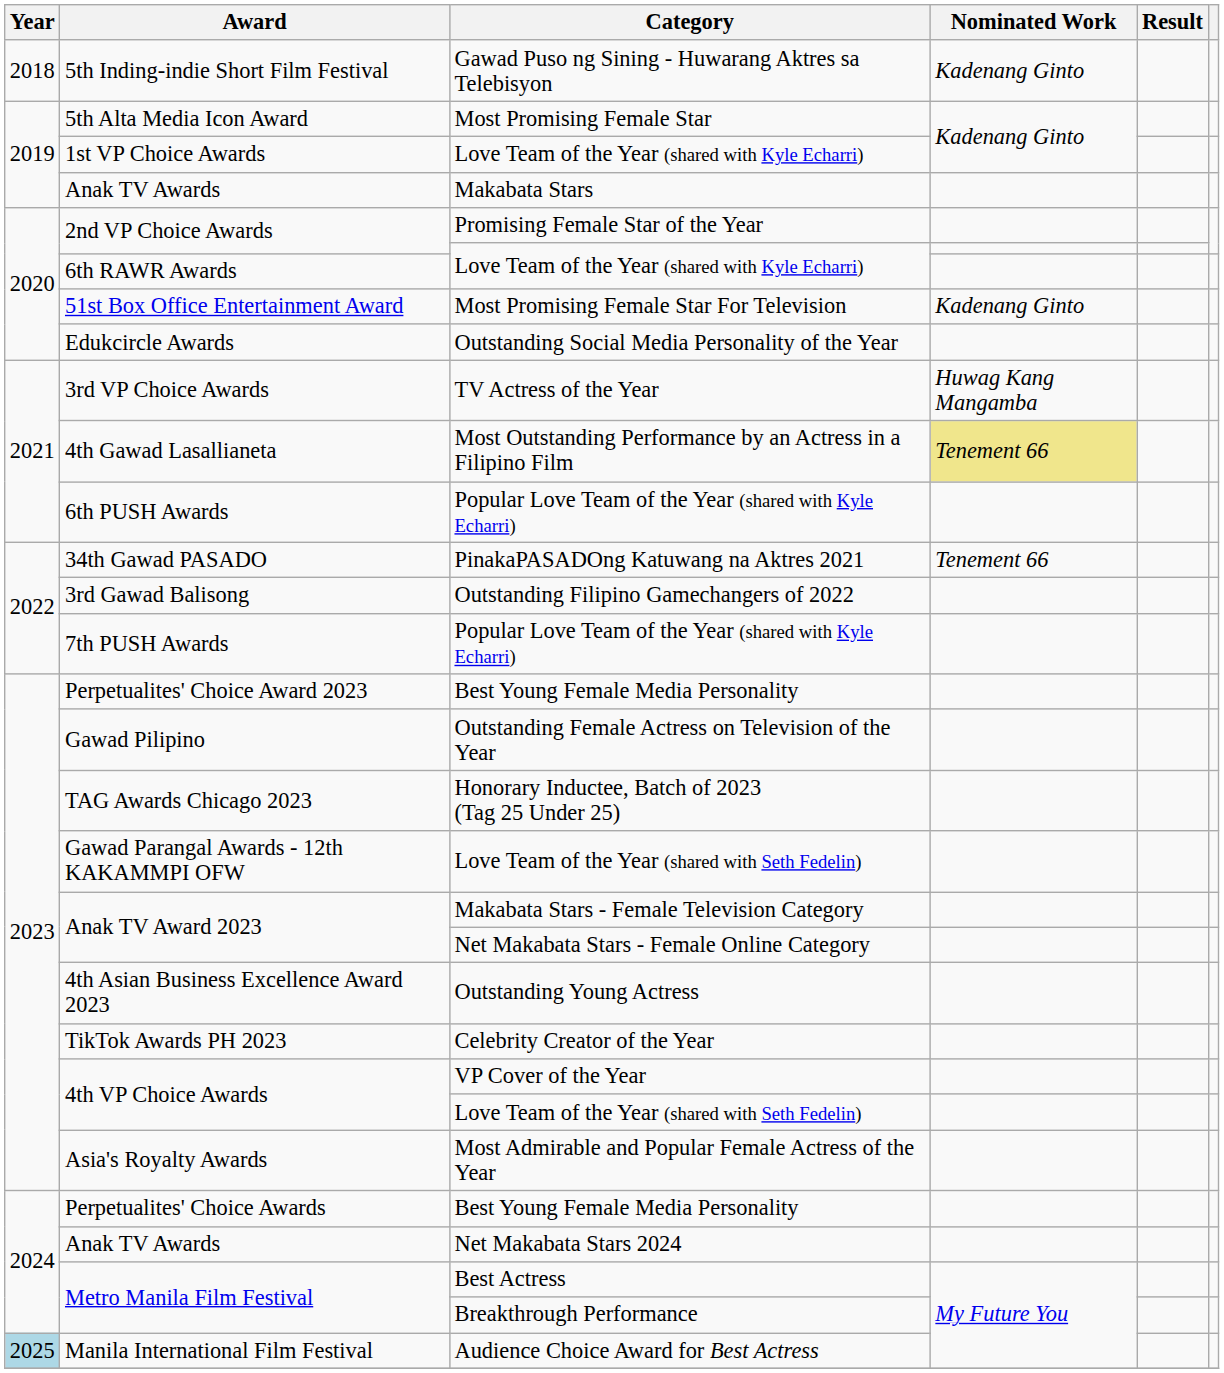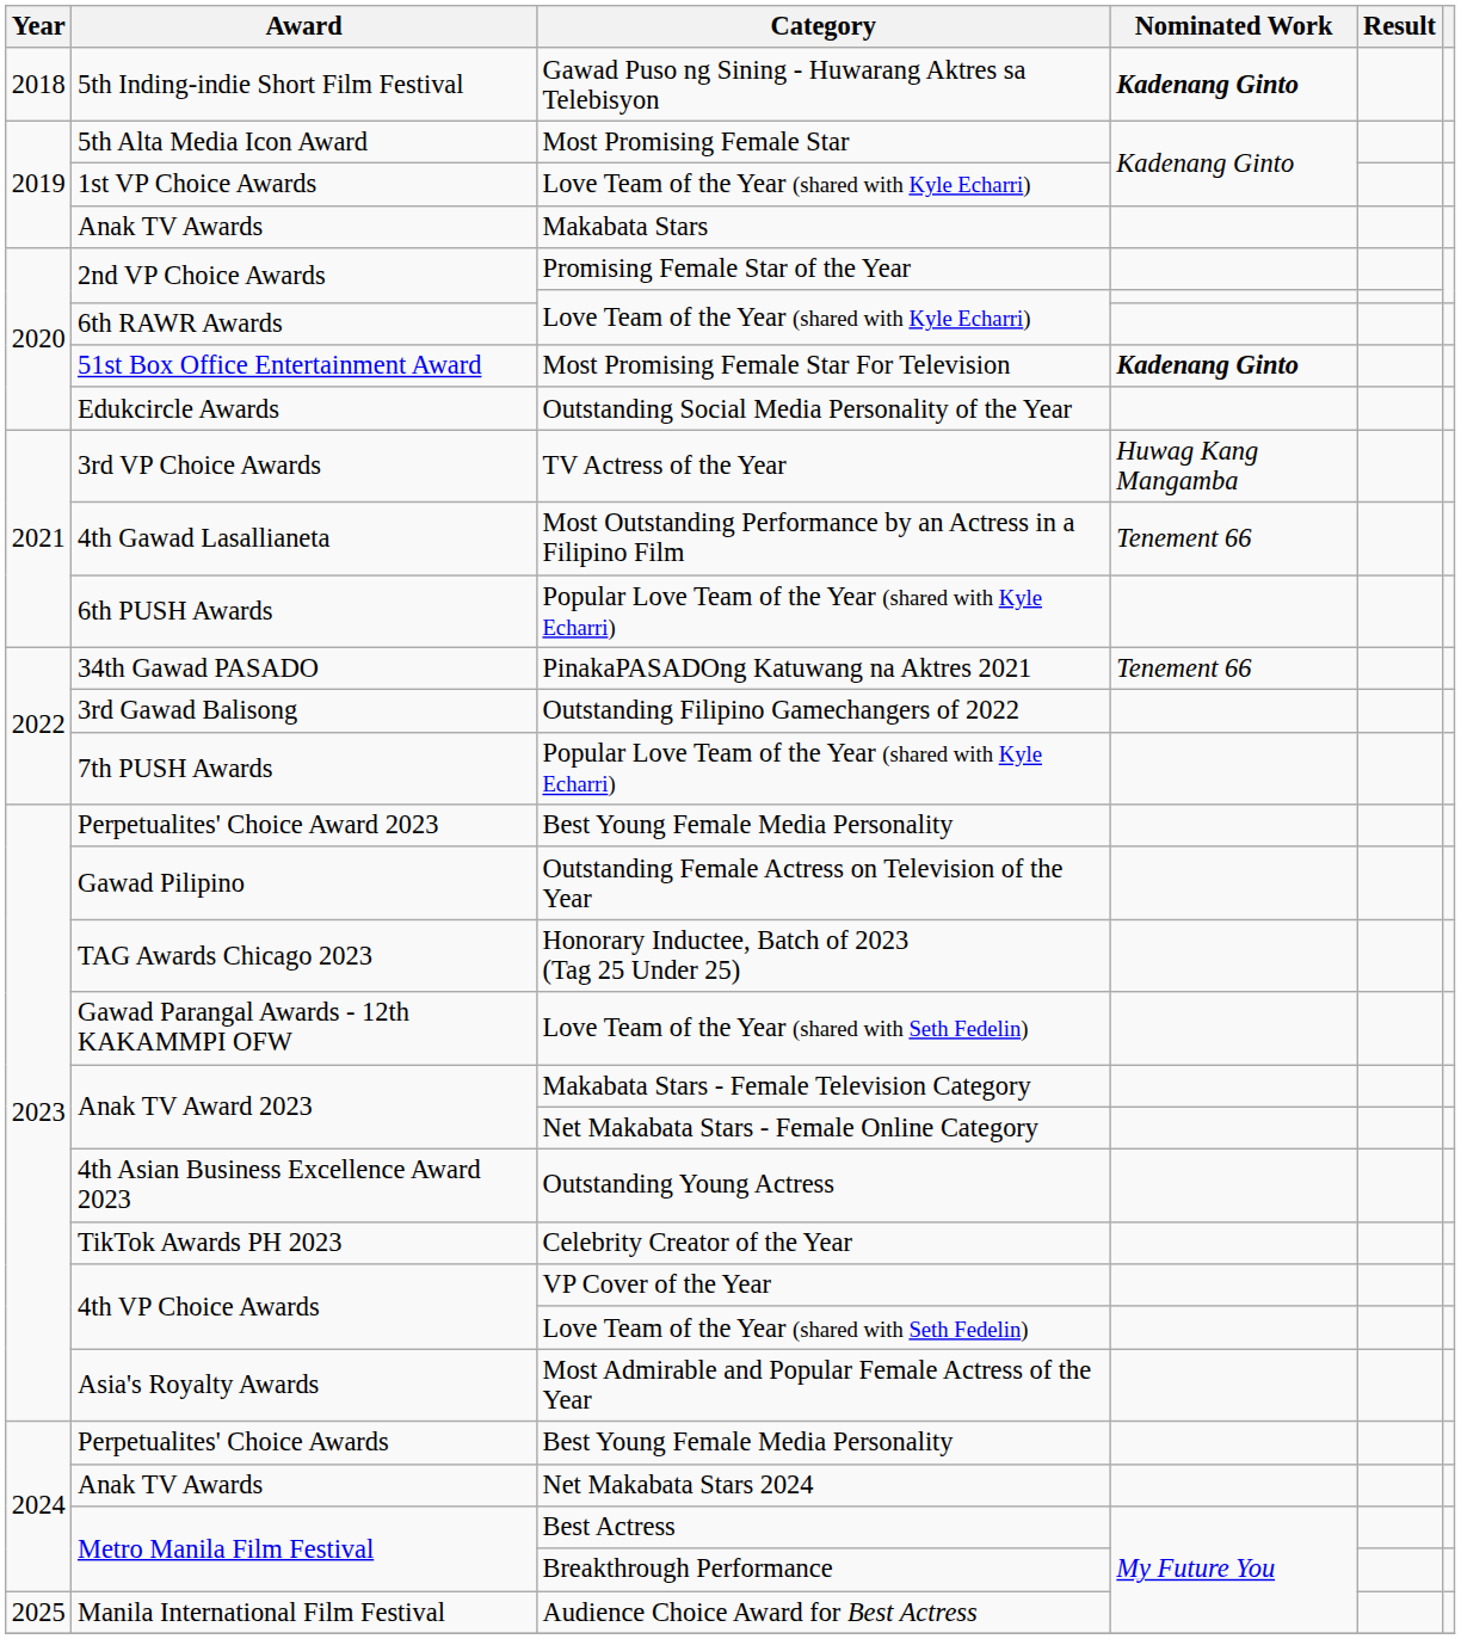 <table class="wikitable sortable">
 <tr>
 <th>Year</th>
 <th>Award</th>
 <th>Category</th>
 <th>Nominated Work</th>
 <th>Result</th>
 <th></th>
 </tr>
 <tr>
 <td>2018</td>
 <td>5th Inding-indie Short Film Festival</td>
 <td>Gawad Puso ng Sining - Huwarang Aktres sa Telebisyon</td>
-<td><em>Kadenang Ginto</em></td>
+<td><strong><em>Kadenang Ginto</em></strong></td>
 <td></td>
 <td style="text-align:center;"></td>
 </tr>
 <tr>
 <td rowspan="3">2019</td>
 <td>5th Alta Media Icon Award</td>
 <td>Most Promising Female Star</td>
 <td rowspan="2"><em>Kadenang Ginto</em></td>
 <td></td>
 <td style="text-align:center;"></td>
 </tr>
 <tr>
 <td>1st VP Choice Awards</td>
 <td>Love Team of the Year <small>(shared with <a href='#'>Kyle Echarri</a>)</small></td>
 <td></td>
 <td style="text-align:center;"></td>
 </tr>
 <tr>
 <td>Anak TV Awards</td>
 <td>Makabata Stars</td>
 <td></td>
 <td></td>
 <td style="text-align:center;"></td>
 </tr>
 <tr>
 <td rowspan="5">2020</td>
 <td rowspan="2">2nd VP Choice Awards</td>
 <td>Promising Female Star of the Year</td>
 <td></td>
 <td></td>
 <td rowspan="2" style="text-align:center;"></td>
 </tr>
 <tr>
 <td rowspan="2">Love Team of the Year <small>(shared with <a href='#'>Kyle Echarri</a>)</small></td>
 <td></td>
 <td></td>
 </tr>
 <tr>
 <td>6th RAWR Awards</td>
 <td></td>
 <td></td>
 <td style="text-align:center;"></td>
 </tr>
 <tr>
 <td><a href='#'>51st Box Office Entertainment Award</a></td>
 <td>Most Promising Female Star For Television</td>
-<td><em>Kadenang Ginto</em></td>
+<td><strong><em>Kadenang Ginto</em></strong></td>
 <td></td>
 <td style="text-align:center;"></td>
 </tr>
 <tr>
 <td>Edukcircle Awards</td>
 <td>Outstanding Social Media Personality of the Year</td>
 <td></td>
 <td></td>
 <td style="text-align:center;"></td>
 </tr>
 <tr>
 <td rowspan="3">2021</td>
 <td>3rd VP Choice Awards</td>
 <td>TV Actress of the Year</td>
 <td><em>Huwag Kang Mangamba</em></td>
 <td></td>
 <td style="text-align:center;"></td>
 </tr>
 <tr>
 <td>4th Gawad Lasallianeta</td>
 <td>Most Outstanding Performance by an Actress in a Filipino Film</td>
-<td style="background: khaki;"><em>Tenement 66</em></td>
+<td><em>Tenement 66</em></td>
 <td></td>
 <td style="text-align:center;"></td>
 </tr>
 <tr>
 <td>6th PUSH Awards</td>
 <td>Popular Love Team of the Year <small>(shared with <a href='#'>Kyle Echarri</a>)</small></td>
 <td></td>
 <td></td>
 <td style="text-align:center;"></td>
 </tr>
 <tr>
 <td rowspan="3">2022</td>
 <td>34th Gawad PASADO</td>
 <td>PinakaPASADOng Katuwang na Aktres 2021</td>
 <td><em>Tenement 66</em></td>
 <td></td>
 <td style="text-align:center;"></td>
 </tr>
 <tr>
 <td>3rd Gawad Balisong</td>
 <td>Outstanding Filipino Gamechangers of 2022</td>
 <td></td>
 <td></td>
 <td style="text-align:center;"></td>
 </tr>
 <tr>
 <td>7th PUSH Awards</td>
 <td>Popular Love Team of the Year <small>(shared with <a href='#'>Kyle Echarri</a>)</small></td>
 <td></td>
 <td></td>
 <td style="text-align:center;"></td>
 </tr>
 <tr>
 <td rowspan="11">2023</td>
 <td>Perpetualites' Choice Award 2023</td>
 <td>Best Young Female Media Personality</td>
 <td></td>
 <td></td>
 <td style="text-align:center;"></td>
 </tr>
 <tr>
 <td>Gawad Pilipino</td>
 <td>Outstanding Female Actress on Television of the Year</td>
 <td></td>
 <td></td>
 <td style="text-align:center;"></td>
 </tr>
 <tr>
 <td>TAG Awards Chicago 2023</td>
 <td>Honorary Inductee, Batch of 2023 <br> (Tag 25 Under 25)</td>
 <td></td>
 <td></td>
 <td style="text-align:center;"></td>
 </tr>
 <tr>
 <td>Gawad Parangal Awards - 12th KAKAMMPI OFW</td>
 <td>Love Team of the Year <small>(shared with <a href='#'>Seth Fedelin</a>)</small></td>
 <td></td>
 <td></td>
 <td style="text-align:center;"></td>
 </tr>
 <tr>
 <td rowspan="2">Anak TV Award 2023</td>
 <td>Makabata Stars - Female Television Category</td>
 <td></td>
 <td></td>
 <td style="text-align:center;"></td>
 </tr>
 <tr>
 <td>Net Makabata Stars - Female Online Category</td>
 <td></td>
 <td></td>
 <td style="text-align:center;"></td>
 </tr>
 <tr>
 <td>4th Asian Business Excellence Award 2023</td>
 <td>Outstanding Young Actress</td>
 <td></td>
 <td></td>
 <td style="text-align:center;"></td>
 </tr>
 <tr>
 <td>TikTok Awards PH 2023</td>
 <td>Celebrity Creator of the Year</td>
 <td></td>
 <td></td>
 <td style="text-align:center;"></td>
 </tr>
 <tr>
 <td rowspan="2">4th VP Choice Awards</td>
 <td>VP Cover of the Year</td>
 <td></td>
 <td></td>
 <td style="text-align:center;"></td>
 </tr>
 <tr>
 <td>Love Team of the Year <small>(shared with <a href='#'>Seth Fedelin</a>)</small></td>
 <td></td>
 <td></td>
 <td style="text-align:center;"></td>
 </tr>
 <tr>
 <td>Asia's Royalty Awards</td>
 <td>Most Admirable and Popular Female Actress of the Year</td>
 <td></td>
 <td></td>
 <td style="text-align:center;"></td>
 </tr>
 <tr>
 <td rowspan="4">2024</td>
 <td>Perpetualites' Choice Awards</td>
 <td>Best Young Female Media Personality</td>
 <td></td>
 <td></td>
 <td></td>
 </tr>
 <tr>
 <td>Anak TV Awards</td>
 <td>Net Makabata Stars 2024</td>
 <td></td>
 <td></td>
 <td></td>
 </tr>
 <tr>
 <td rowspan="2"><a href='#'>Metro Manila Film Festival</a></td>
 <td>Best Actress</td>
 <td rowspan="3"><em><a href='#'>My Future You</a></em></td>
 <td></td>
 <td></td>
 </tr>
 <tr>
 <td>Breakthrough Performance</td>
 <td></td>
 <td></td>
 </tr>
 <tr>
-<td style="background: lightblue;">2025</td>
+<td>2025</td>
 <td>Manila International Film Festival</td>
 <td>Audience Choice Award for <em>Best Actress</em></td>
 <td></td>
 <td></td>
 </tr>
 <tr>
 </tr>
 </table>
